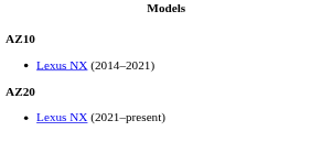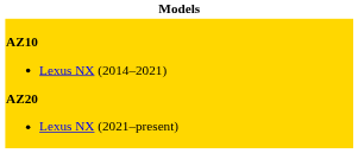 <table>
 <tr>
 <th style="width:50%">Models</th>
 </tr>
 <tr>
-<td style="width:50%"><br><strong>AZ10</strong><ul><li><a href='#'>Lexus NX</a> (2014–2021)</li></ul><strong>AZ20</strong><ul><li><a href='#'>Lexus NX</a> (2021–present)</li></ul></td>
+<td style="background: gold; width:50%"><br><strong>AZ10</strong><ul><li><a href='#'>Lexus NX</a> (2014–2021)</li></ul><strong>AZ20</strong><ul><li><a href='#'>Lexus NX</a> (2021–present)</li></ul></td>
 </tr>
 </table>
